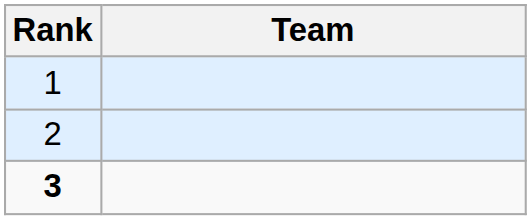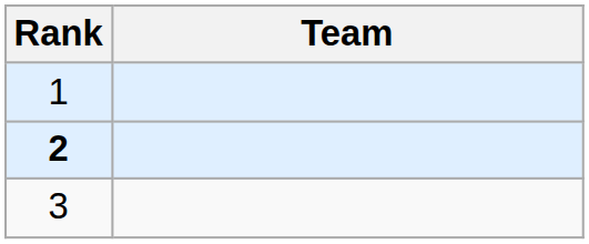 <table class="wikitable">
 <tr>
 <th>Rank</th>
 <th width=200>Team</th>
 </tr>
 <tr bgcolor=#dfefff>
 <td align=center>1</td>
 <td></td>
 </tr>
 <tr bgcolor=#dfefff>
-<td align=center>2</td>
+<td align=center><strong>2</strong></td>
 <td></td>
 </tr>
 <tr>
-<td align=center><strong>3</strong></td>
+<td align=center>3</td>
 <td></td>
 </tr>
 </table>
